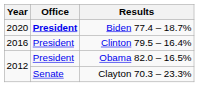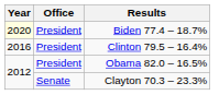 <table class=wikitable>
 <tr>
 <th width="30">Year</th>
 <th width="60">Office</th>
 <th width="180">Results</th>
 </tr>
 <tr>
-<td>2020</td>
-<td><strong><a href='#'>President</a></strong></td>
+<td style="background: lightyellow;">2020</td>
+<td><a href='#'>President</a></td>
 <td align="right" ><a href='#'>Biden</a> 77.4 – 18.7%</td>
 </tr>
 <tr>
 <td>2016</td>
 <td><a href='#'>President</a></td>
 <td align="right" ><a href='#'>Clinton</a> 79.5 – 16.4%</td>
 </tr>
 <tr>
 <td rowspan="2">2012</td>
 <td><a href='#'>President</a></td>
 <td align="right" ><a href='#'>Obama</a> 82.0 – 16.5%</td>
 </tr>
 <tr>
 <td><a href='#'>Senate</a></td>
 <td align="right" >Clayton 70.3 – 23.3%</td>
 </tr>
 </table>
